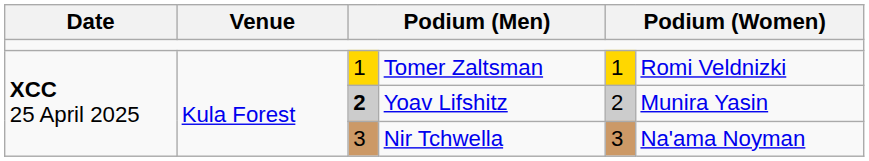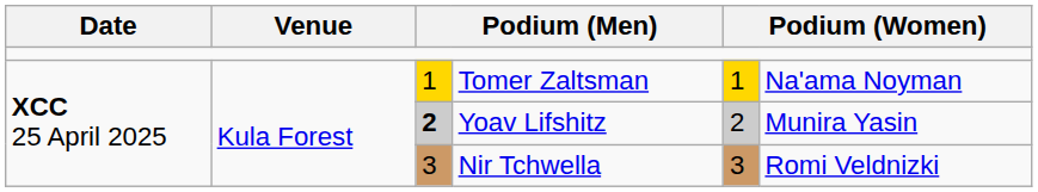 <table class="wikitable" width=70%>
 <tr>
 <th>Date</th>
 <th width=20%>Venue</th>
 <th colspan=2 width=30%>Podium (Men)</th>
 <th colspan=2 width=30%>Podium (Women)</th>
 </tr>
 <tr>
 <td colspan=6></td>
 </tr>
 <tr>
 <td rowspan=3><strong>XCC</strong> <br> 25 April 2025</td>
 <td rowspan=3><br><a href='#'>Kula Forest</a></td>
 <td bgcolor=FFD700>1</td>
 <td><a href='#'>Tomer Zaltsman</a></td>
 <td bgcolor=FFD700>1</td>
-<td><a href='#'>Romi Veldnizki</a></td>
+<td><a href='#'>Na'ama Noyman</a></td>
 </tr>
 <tr>
 <td bgcolor=CCCCCC><strong>2</strong></td>
 <td><a href='#'>Yoav Lifshitz</a></td>
 <td bgcolor=CCCCCC>2</td>
 <td><a href='#'>Munira Yasin</a></td>
 </tr>
 <tr>
 <td bgcolor=CC9966>3</td>
 <td><a href='#'>Nir Tchwella</a></td>
 <td bgcolor=CC9966>3</td>
-<td><a href='#'>Na'ama Noyman</a></td>
+<td><a href='#'>Romi Veldnizki</a></td>
 </tr>
 </table>
